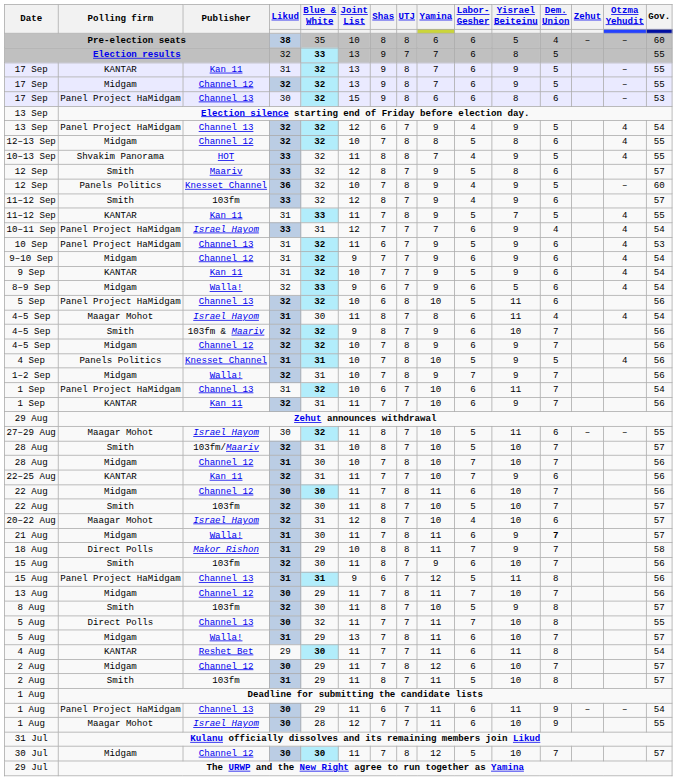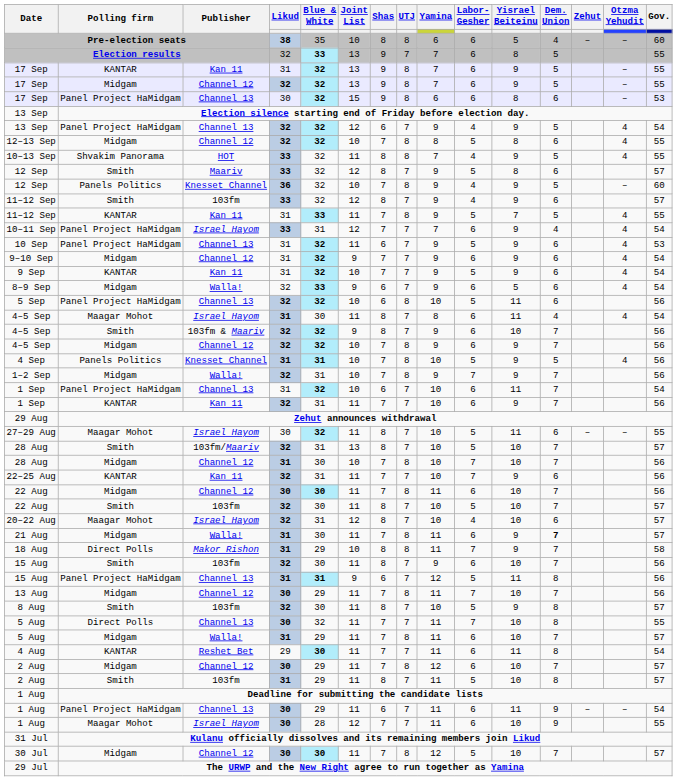 <table class="wikitable sortable" style="text-align:center;font-size:90%;line-height:13px">
 <tr>
 <th rowspan="2">Date</th>
 <th rowspan="2">Polling firm</th>
 <th rowspan="2">Publisher</th>
 <th><a href='#'>Likud</a></th>
 <th><a href='#'>Blue &<br>White</a></th>
 <th><a href='#'>Joint<br>List</a></th>
 <th><a href='#'>Shas</a></th>
 <th><a href='#'>UTJ</a></th>
 <th><a href='#'>Yamina</a></th>
 <th><a href='#'>Labor-<br>Gesher</a></th>
 <th><a href='#'>Yisrael<br>Beiteinu</a></th>
 <th><a href='#'>Dem.<br>Union</a></th>
 <th><a href='#'>Zehut</a></th>
 <th><a href='#'>Otzma<br>Yehudit</a></th>
 <th>Gov.</th>
 </tr>
 <tr>
 <th style="background:"></th>
 <th style="background:"></th>
 <th style="background:"></th>
 <th style="background:"></th>
 <th style="background:"></th>
 <th style="background:#CBD53A;"></th>
 <th style="background:"></th>
 <th style="background:"></th>
 <th style="background:"></th>
 <th style="background:"></th>
 <th style="background:#2441FF;"></th>
 <th style="background:#000EA3;"></th>
 </tr>
 <tr>
 <td style="background:silver" colspan=3><strong>Pre-election seats</strong></td>
 <td style="background:#BBCDE4"><strong>38</strong>	</td>
 <td style="background:silver">35		</td>
 <td style="background:silver">10		</td>
 <td style="background:silver">8		</td>
 <td style="background:silver">8		</td>
 <td style="background:silver">6		</td>
 <td style="background:silver">6		</td>
 <td style="background:silver">5		</td>
 <td style="background:silver">4		</td>
 <td style="background:silver">–		</td>
 <td style="background:silver">–		</td>
 <td style="background:silver">60		</td>
 </tr>
 <tr>
 <td style="background:silver" colspan=3><strong><a href='#'>Election results</a></strong></td>
 <td style="background:silver">32</td>
 <td style="background:#B2EDFB"><strong>33</strong></td>
 <td style="background:silver">13</td>
 <td style="background:silver">9</td>
 <td style="background:silver">7</td>
 <td style="background:silver">7</td>
 <td style="background:silver">6</td>
 <td style="background:silver">8</td>
 <td style="background:silver">5</td>
 <td style="background:silver"></td>
 <td style="background:silver"></td>
 <td style="background:silver">55</td>
 </tr>
 <tr style="background-color:#EAEAFF;">
 <td data-sort-value="2019-08-17">17 Sep</td>
 <td>KANTAR</td>
 <td><a href='#'>Kan 11</a></td>
 <td>31					</td>
 <td style="background:#B2EDFB"><strong>32</strong>	</td>
 <td>13					</td>
 <td>9					</td>
 <td>8					</td>
 <td>7					</td>
 <td>6					</td>
 <td>9					</td>
 <td>5					</td>
 <td>				</td>
 <td>–					</td>
 <td>55					</td>
 </tr>
 <tr style="background-color:#EAEAFF;">
 <td data-sort-value="2019-08-17">17 Sep</td>
 <td>Midgam</td>
 <td><a href='#'>Channel 12</a></td>
 <td style="background:#BBCDE4"><strong>32</strong>	</td>
 <td style="background:#B2EDFB"><strong>32</strong>	</td>
 <td>13					</td>
 <td>9					</td>
 <td>8					</td>
 <td>7					</td>
 <td>6					</td>
 <td>9					</td>
 <td>5					</td>
 <td>				</td>
 <td>–					</td>
 <td>55					</td>
 </tr>
 <tr style="background-color:#EAEAFF;">
 <td data-sort-value="2019-08-17">17 Sep</td>
 <td>Panel Project HaMidgam</td>
 <td><a href='#'>Channel 13</a></td>
 <td>30					</td>
 <td style="background:#B2EDFB"><strong>32</strong>	</td>
 <td>15					</td>
 <td>9					</td>
 <td>8					</td>
 <td>6					</td>
 <td>6					</td>
 <td>8					</td>
 <td>6					</td>
 <td>				</td>
 <td>–					</td>
 <td>53					</td>
 </tr>
 <tr>
 <td data-sort-value="2019-09-13">13 Sep</td>
 <td colspan="16"><strong><a href='#'>Election silence</a> starting end of Friday before election day.</strong></td>
 </tr>
 <tr>
 <td data-sort-value="2019-09-13">13 Sep</td>
 <td>Panel Project HaMidgam</td>
 <td><a href='#'>Channel 13</a></td>
 <td style="background:#BBCDE4"><strong>32</strong>	</td>
 <td style="background:#B2EDFB"><strong>32</strong>	</td>
 <td>12					</td>
 <td>6					</td>
 <td>7					</td>
 <td>9					</td>
 <td>4					</td>
 <td>9					</td>
 <td>5					</td>
 <td>				</td>
 <td>4					</td>
 <td>54					</td>
 </tr>
 <tr>
 <td data-sort-value="2019-09-13">12–13 Sep</td>
 <td>Midgam</td>
 <td><a href='#'>Channel 12</a></td>
 <td style="background:#BBCDE4"><strong>32</strong>	</td>
 <td style="background:#B2EDFB"><strong>32</strong>	</td>
 <td>10					</td>
 <td>7					</td>
 <td>8					</td>
 <td>8					</td>
 <td>5					</td>
 <td>8					</td>
 <td>6					</td>
 <td>				</td>
 <td>4					</td>
 <td>55					</td>
 </tr>
 <tr>
 <td data-sort-value="2019-09-13">10–13 Sep</td>
 <td>Shvakim Panorama</td>
 <td><a href='#'>HOT</a></td>
 <td style="background:#BBCDE4"><strong>33</strong>	</td>
 <td>32					</td>
 <td>11					</td>
 <td>8					</td>
 <td>8					</td>
 <td>7					</td>
 <td>4					</td>
 <td>9					</td>
 <td>5					</td>
 <td>				</td>
 <td>4					</td>
 <td>55					</td>
 </tr>
 <tr>
 <td data-sort-value="2019-09-12">12 Sep</td>
 <td>Smith</td>
 <td><a href='#'>Maariv</a></td>
 <td style="background:#BBCDE4"><strong>33</strong>	</td>
 <td>32                                 	</td>
 <td>12					</td>
 <td>8					</td>
 <td>7					</td>
 <td>9					</td>
 <td>5					</td>
 <td>8					</td>
 <td>6					</td>
 <td>				</td>
 <td>		        </td>
 <td>57					</td>
 </tr>
 <tr>
 <td data-sort-value="2019-09-12">12 Sep</td>
 <td>Panels Politics</td>
 <td><a href='#'>Knesset Channel</a></td>
 <td style="background:#BBCDE4"><strong>36</strong>	</td>
 <td>32					</td>
 <td>10					</td>
 <td>7					</td>
 <td>8					</td>
 <td>9					</td>
 <td>4					</td>
 <td>9					</td>
 <td>5					</td>
 <td>				</td>
 <td>–					</td>
 <td>60					</td>
 </tr>
 <tr>
 <td data-sort-value="2019-09-12">11–12 Sep</td>
 <td>Smith</td>
 <td>103fm</td>
 <td style="background:#BBCDE4"><strong>33</strong>	</td>
 <td>32					</td>
 <td>12					</td>
 <td>8					</td>
 <td>7					</td>
 <td>9					</td>
 <td>4					</td>
 <td>9					</td>
 <td>6					</td>
 <td>				</td>
 <td>			</td>
 <td>57					</td>
 </tr>
 <tr>
 <td data-sort-value="2019-09-12">11–12 Sep</td>
 <td>KANTAR</td>
 <td><a href='#'>Kan 11</a></td>
 <td>31					</td>
 <td style="background:#B2EDFB"><strong>33</strong>	</td>
 <td>11					</td>
 <td>7					</td>
 <td>8					</td>
 <td>9					</td>
 <td>5					</td>
 <td>7					</td>
 <td>5					</td>
 <td>				</td>
 <td>4					</td>
 <td>55					</td>
 </tr>
 <tr>
 <td data-sort-value="2019-09-11">10–11 Sep</td>
 <td>Panel Project HaMidgam</td>
 <td><em><a href='#'>Israel Hayom</a></em></td>
 <td style="background:#BBCDE4"><strong>33</strong>	</td>
 <td>31					</td>
 <td>12					</td>
 <td>7					</td>
 <td>7					</td>
 <td>7					</td>
 <td>6					</td>
 <td>9					</td>
 <td>4					</td>
 <td>				</td>
 <td>4					</td>
 <td>54					</td>
 </tr>
 <tr>
 <td data-sort-value="2019-09-10">10 Sep</td>
 <td>Panel Project HaMidgam</td>
 <td><a href='#'>Channel 13</a></td>
 <td>31					</td>
 <td style="background:#B2EDFB"><strong>32</strong>	</td>
 <td>11					</td>
 <td>6					</td>
 <td>7					</td>
 <td>9					</td>
 <td>5					</td>
 <td>9					</td>
 <td>6					</td>
 <td>				</td>
 <td>4					</td>
 <td>53					</td>
 </tr>
 <tr>
 <td data-sort-value="2019-09-10">9–10 Sep</td>
 <td>Midgam</td>
 <td><a href='#'>Channel 12</a></td>
 <td>31					</td>
 <td style="background:#B2EDFB"><strong>32</strong>	</td>
 <td>9					</td>
 <td>7					</td>
 <td>7					</td>
 <td>9					</td>
 <td>6					</td>
 <td>9					</td>
 <td>6					</td>
 <td>				</td>
 <td>4					</td>
 <td>54					</td>
 </tr>
 <tr>
 <td data-sort-value="2019-09-09">9 Sep</td>
 <td>KANTAR</td>
 <td><a href='#'>Kan 11</a></td>
 <td>31					</td>
 <td style="background:#B2EDFB"><strong>32</strong>	</td>
 <td>10					</td>
 <td>7					</td>
 <td>7					</td>
 <td>9					</td>
 <td>5					</td>
 <td>9					</td>
 <td>6					</td>
 <td>				</td>
 <td>4					</td>
 <td>54					</td>
 </tr>
 <tr>
 <td data-sort-value="2019-09-09">8–9 Sep</td>
 <td>Midgam</td>
 <td><a href='#'>Walla!</a></td>
 <td>32					</td>
 <td style="background:#B2EDFB"><strong>33</strong>	</td>
 <td>9					</td>
 <td>6					</td>
 <td>7					</td>
 <td>9					</td>
 <td>6					</td>
 <td>5					</td>
 <td>6					</td>
 <td>				</td>
 <td>4					</td>
 <td>54					</td>
 </tr>
 <tr>
 <td data-sort-value="2019-09-05">5 Sep</td>
 <td>Panel Project HaMidgam</td>
 <td><a href='#'>Channel 13</a></td>
 <td style="background:#BBCDE4"><strong>32</strong>	</td>
 <td style="background:#B2EDFB"><strong>32</strong>	</td>
 <td>10					</td>
 <td>6					</td>
 <td>8					</td>
 <td>10					</td>
 <td>5					</td>
 <td>11					</td>
 <td>6					</td>
 <td>				</td>
 <td>			</td>
 <td>56					</td>
 </tr>
 <tr>
 <td data-sort-value="2019-09-05">4–5 Sep</td>
 <td>Maagar Mohot</td>
 <td><em><a href='#'>Israel Hayom</a></em></td>
 <td style="background:#BBCDE4"><strong>31</strong>	</td>
 <td>30					</td>
 <td>11					</td>
 <td>8					</td>
 <td>7					</td>
 <td>8					</td>
 <td>6					</td>
 <td>11					</td>
 <td>4					</td>
 <td>				</td>
 <td>4					</td>
 <td>54					</td>
 </tr>
 <tr>
 <td data-sort-value="2019-09-05">4–5 Sep</td>
 <td>Smith</td>
 <td>103fm & <em><a href='#'>Maariv</a></em></td>
 <td style="background:#BBCDE4"><strong>32</strong>	</td>
 <td style="background:#B2EDFB"><strong>32</strong>	</td>
 <td>9					</td>
 <td>8					</td>
 <td>7					</td>
 <td>9					</td>
 <td>6					</td>
 <td>10					</td>
 <td>7					</td>
 <td>				</td>
 <td>			</td>
 <td>56					</td>
 </tr>
 <tr>
 <td data-sort-value="2019-09-05">4–5 Sep</td>
 <td>Midgam</td>
 <td><a href='#'>Channel 12</a></td>
 <td style="background:#BBCDE4"><strong>32</strong>	</td>
 <td style="background:#B2EDFB"><strong>32</strong>	</td>
 <td>10					</td>
 <td>7					</td>
 <td>8					</td>
 <td>9					</td>
 <td>6					</td>
 <td>9					</td>
 <td>7					</td>
 <td>				</td>
 <td>			</td>
 <td>56					</td>
 </tr>
 <tr>
 <td data-sort-value="2019-09-04">4 Sep</td>
 <td>Panels Politics</td>
 <td><a href='#'>Knesset Channel</a></td>
 <td style="background:#BBCDE4"><strong>31</strong>	</td>
 <td style="background:#B2EDFB"><strong>31</strong>	</td>
 <td>10					</td>
 <td>7					</td>
 <td>8					</td>
 <td>10					</td>
 <td>5					</td>
 <td>9					</td>
 <td>5					</td>
 <td>				</td>
 <td>4					</td>
 <td>56					</td>
 </tr>
 <tr>
 <td data-sort-value="2019-09-02">1–2 Sep</td>
 <td>Midgam</td>
 <td><a href='#'>Walla!</a></td>
 <td style="background:#BBCDE4"><strong>32</strong>	</td>
 <td>31					</td>
 <td>10					</td>
 <td>7					</td>
 <td>8					</td>
 <td>9					</td>
 <td>7					</td>
 <td>9					</td>
 <td>7					</td>
 <td>				</td>
 <td>			</td>
 <td>56					</td>
 </tr>
 <tr>
 <td data-sort-value="2019-09-01">1 Sep</td>
 <td>Panel Project HaMidgam</td>
 <td><a href='#'>Channel 13</a></td>
 <td>31					</td>
 <td style="background:#B2EDFB"><strong>32</strong>	</td>
 <td>10					</td>
 <td>6					</td>
 <td>7					</td>
 <td>10					</td>
 <td>6					</td>
 <td>11					</td>
 <td>7					</td>
 <td>				</td>
 <td>			</td>
 <td>54					</td>
 </tr>
 <tr>
 <td data-sort-value="2019-09-01">1 Sep</td>
 <td>KANTAR</td>
 <td><a href='#'>Kan 11</a></td>
 <td style="background:#BBCDE4"><strong>32</strong>	</td>
 <td>31					</td>
 <td>11					</td>
 <td>7					</td>
 <td>7					</td>
 <td>10					</td>
 <td>6					</td>
 <td>9					</td>
 <td>7					</td>
 <td>				</td>
 <td>			</td>
 <td>56					</td>
 </tr>
 <tr>
 <td data-sort-value="2019-08-29">29 Aug</td>
 <td colspan="16"><strong><a href='#'>Zehut</a> announces withdrawal</strong></td>
 </tr>
 <tr>
 <td data-sort-value="2019-08-29">27–29 Aug</td>
 <td>Maagar Mohot</td>
 <td><em><a href='#'>Israel Hayom</a></em></td>
 <td>30					</td>
 <td style="background:#B2EDFB"><strong>32</strong>	</td>
 <td>11					</td>
 <td>8					</td>
 <td>7					</td>
 <td>10					</td>
 <td>5					</td>
 <td>11					</td>
 <td>6					</td>
 <td>–					</td>
 <td>–					</td>
 <td>55					</td>
 </tr>
 <tr>
 <td data-sort-value="2019-08-28">28 Aug</td>
 <td>Smith</td>
 <td>103fm/<em><a href='#'>Maariv</a></em></td>
 <td style="background:#BBCDE4"><strong>32</strong>	</td>
 <td>31					</td>
-<td>10					</td>
+<td>13					</td>
 <td>8					</td>
 <td>7					</td>
 <td>10					</td>
 <td>5					</td>
 <td>10					</td>
 <td>7					</td>
 <td>			</td>
 <td>			</td>
 <td>57					</td>
 </tr>
 <tr>
 <td data-sort-value="2019-08-28">28 Aug</td>
 <td>Midgam</td>
 <td><a href='#'>Channel 12</a></td>
 <td style="background:#BBCDE4"><strong>31</strong>	</td>
 <td>30					</td>
 <td>10					</td>
 <td>7					</td>
 <td>8					</td>
 <td>10					</td>
 <td>7					</td>
 <td>10					</td>
 <td>7					</td>
 <td>			</td>
 <td>			</td>
 <td>56					</td>
 </tr>
 <tr>
 <td data-sort-value="2019-08-25">22–25 Aug</td>
 <td>KANTAR</td>
 <td><a href='#'>Kan 11</a></td>
 <td style="background:#BBCDE4"><strong>32</strong>	</td>
 <td>31					</td>
 <td>11					</td>
 <td>7					</td>
 <td>7					</td>
 <td>10					</td>
 <td>7					</td>
 <td>9					</td>
 <td>6					</td>
 <td>			</td>
 <td>			</td>
 <td>56					</td>
 </tr>
 <tr>
 <td data-sort-value="2019-08-22">22 Aug</td>
 <td>Midgam</td>
 <td><a href='#'>Channel 12</a></td>
 <td style="background:#BBCDE4"><strong>30</strong>	</td>
 <td style="background:#B2EDFB"><strong>30</strong>	</td>
 <td>11					</td>
 <td>7					</td>
 <td>8					</td>
 <td>11					</td>
 <td>6					</td>
 <td>10					</td>
 <td>7					</td>
 <td>			</td>
 <td>			</td>
 <td>56					</td>
 </tr>
 <tr>
 <td data-sort-value="2019-08-22">22 Aug</td>
 <td>Smith</td>
 <td>103fm</td>
 <td style="background:#BBCDE4"><strong>32</strong>	</td>
 <td>30					</td>
 <td>11					</td>
 <td>8					</td>
 <td>7					</td>
 <td>10					</td>
 <td>5					</td>
 <td>10					</td>
 <td>7					</td>
 <td>			</td>
 <td>			</td>
 <td>57					</td>
 </tr>
 <tr>
 <td data-sort-value="2019-08-22">20–22 Aug</td>
 <td>Maagar Mohot</td>
 <td><em><a href='#'>Israel Hayom</a></em></td>
 <td style="background:#BBCDE4"><strong>32</strong>	</td>
 <td>31					</td>
 <td>12					</td>
 <td>8					</td>
 <td>7					</td>
 <td>10					</td>
 <td>4					</td>
 <td>10					</td>
 <td>6					</td>
 <td>				</td>
 <td>				</td>
 <td>57					</td>
 </tr>
 <tr>
 <td data-sort-value="2019-08-21">21 Aug</td>
 <td>Midgam</td>
 <td><a href='#'>Walla!</a></td>
 <td style="background:#BBCDE4"><strong>31</strong>	</td>
 <td>30					</td>
 <td>11					</td>
 <td>7					</td>
 <td>8					</td>
 <td>11					</td>
 <td>6					</td>
 <td>9					</td>
 <td><strong>7					</strong></td>
 <td>			</td>
 <td>			</td>
 <td>57					</td>
 </tr>
 <tr>
 <td data-sort-value="2019-08-18">18 Aug</td>
 <td>Direct Polls</td>
 <td><em><a href='#'>Makor Rishon</a></em></td>
 <td style="background:#BBCDE4"><strong>31</strong>	</td>
 <td>29					</td>
 <td>10					</td>
 <td>8					</td>
 <td>8					</td>
 <td>11					</td>
 <td>7					</td>
 <td>9					</td>
 <td>7					</td>
 <td>			</td>
 <td>			</td>
 <td>58					</td>
 </tr>
 <tr>
 <td data-sort-value="2019-08-15">15 Aug</td>
 <td>Smith</td>
 <td>103fm</td>
 <td style="background:#BBCDE4"><strong>32</strong>	</td>
 <td>30					</td>
 <td>11					</td>
 <td>8					</td>
 <td>7					</td>
 <td>9					</td>
 <td>6					</td>
 <td>10					</td>
 <td>7					</td>
 <td>			</td>
 <td>			</td>
 <td>56					</td>
 </tr>
 <tr>
 <td data-sort-value="2019-08-15">15 Aug</td>
 <td>Panel Project HaMidgam</td>
 <td><a href='#'>Channel 13</a></td>
 <td style="background:#BBCDE4"><strong>31</strong>	</td>
 <td style="background:#B2EDFB"><strong>31</strong>	</td>
 <td>9					</td>
 <td>6					</td>
 <td>7					</td>
 <td>12					</td>
 <td>5					</td>
 <td>11					</td>
 <td>8					</td>
 <td>			</td>
 <td>			</td>
 <td>56					</td>
 </tr>
 <tr>
 <td data-sort-value="2019-08-13">13 Aug</td>
 <td>Midgam</td>
 <td><a href='#'>Channel 12</a></td>
 <td style="background:#BBCDE4"><strong>30</strong>	</td>
 <td>29					</td>
 <td>11					</td>
 <td>7					</td>
 <td>8					</td>
 <td>11					</td>
 <td>7					</td>
 <td>10					</td>
 <td>7					</td>
 <td>			</td>
 <td>			</td>
 <td>56					</td>
 </tr>
 <tr>
 <td data-sort-value="2019-08-08">8 Aug</td>
 <td>Smith</td>
 <td>103fm</td>
 <td style="background:#BBCDE4"><strong>32</strong>	</td>
 <td>30					</td>
 <td>11					</td>
 <td>8					</td>
 <td>7					</td>
 <td>10					</td>
 <td>5					</td>
 <td>9					</td>
 <td>8					</td>
 <td>			</td>
 <td>			</td>
 <td>57					</td>
 </tr>
 <tr>
 <td data-sort-value="2019-08-05">5 Aug</td>
 <td>Direct Polls</td>
 <td><a href='#'>Channel 13</a></td>
 <td style="background:#BBCDE4"><strong>30</strong>	</td>
 <td>32					</td>
 <td>11					</td>
 <td>7					</td>
 <td>7					</td>
 <td>11					</td>
 <td>7					</td>
 <td>10					</td>
 <td>8					</td>
 <td>			</td>
 <td>			</td>
 <td>55					</td>
 </tr>
 <tr>
 <td data-sort-value="2019-08-05">5 Aug</td>
 <td>Midgam</td>
 <td><a href='#'>Walla!</a></td>
 <td style="background:#BBCDE4"><strong>31</strong>	</td>
 <td>29					</td>
-<td>13					</td>
+<td>11					</td>
 <td>7					</td>
 <td>8					</td>
 <td>11					</td>
 <td>6					</td>
 <td>10					</td>
 <td>7					</td>
 <td>			</td>
 <td>			</td>
 <td>57					</td>
 </tr>
 <tr>
 <td data-sort-value="2019-08-04">4 Aug</td>
 <td>KANTAR</td>
 <td><a href='#'>Reshet Bet</a></td>
 <td>29					</td>
 <td style="background:#B2EDFB"><strong>30</strong>	</td>
 <td>11					</td>
 <td>7					</td>
 <td>7					</td>
 <td>11					</td>
 <td>6					</td>
 <td>11					</td>
 <td>8					</td>
 <td>			</td>
 <td>			</td>
 <td>54					</td>
 </tr>
 <tr>
 <td data-sort-value="2019-08-02">2 Aug</td>
 <td>Midgam</td>
 <td><a href='#'>Channel 12</a></td>
 <td style="background:#BBCDE4"><strong>30</strong>	</td>
 <td>29					</td>
 <td>11					</td>
 <td>7					</td>
 <td>8					</td>
 <td>12					</td>
 <td>6					</td>
 <td>10					</td>
 <td>7					</td>
 <td>			</td>
 <td>			</td>
 <td>57					</td>
 </tr>
 <tr>
 <td data-sort-value="2019-08-02">2 Aug</td>
 <td>Smith</td>
 <td>103fm</td>
 <td style="background:#BBCDE4"><strong>31</strong>	</td>
 <td>29					</td>
 <td>11					</td>
 <td>8					</td>
 <td>7					</td>
 <td>11					</td>
 <td>5					</td>
 <td>10					</td>
 <td>8					</td>
 <td>			</td>
 <td>			</td>
 <td>57					</td>
 </tr>
 <tr>
 <td data-sort-value="2019-08-01">1 Aug</td>
 <td colspan="16"><strong>Deadline for submitting the candidate lists</strong></td>
 </tr>
 <tr>
 <td data-sort-value="2019-08-01">1 Aug</td>
 <td>Panel Project HaMidgam</td>
 <td><a href='#'>Channel 13</a></td>
 <td style="background:#BBCDE4"><strong>30</strong>	</td>
 <td>29					</td>
 <td>11					</td>
 <td>6					</td>
 <td>7					</td>
 <td>11					</td>
 <td>6					</td>
 <td>11					</td>
 <td>9					</td>
 <td>–					</td>
 <td>–					</td>
 <td>54					</td>
 </tr>
 <tr>
 <td data-sort-value="2019-08-01">1 Aug</td>
 <td>Maagar Mohot</td>
 <td><em><a href='#'>Israel Hayom</a></em></td>
 <td style="background:#BBCDE4"><strong>30</strong>	</td>
 <td>28					</td>
 <td>12					</td>
 <td>7					</td>
 <td>7					</td>
 <td>11					</td>
 <td>6					</td>
 <td>10					</td>
 <td>9					</td>
 <td>				</td>
 <td>				</td>
 <td>55					</td>
 </tr>
 <tr>
 <td data-sort-value="2019-07-31">31 Jul</td>
 <td colspan="16"><strong><a href='#'>Kulanu</a> officially dissolves and its remaining members join <a href='#'>Likud</a></strong></td>
 </tr>
 <tr>
 <td data-sort-value="2019-07-30">30 Jul</td>
 <td>Midgam</td>
 <td><a href='#'>Channel 12</a></td>
 <td style="background:#BBCDE4"><strong>30</strong>	</td>
 <td style="background:#B2EDFB"><strong>30</strong>	</td>
 <td>11					</td>
 <td>7					</td>
 <td>8					</td>
 <td>12					</td>
 <td>5					</td>
 <td>10					</td>
 <td>7					</td>
 <td>			</td>
 <td>			</td>
 <td>57					</td>
 </tr>
 <tr>
 <td data-sort-value="2019-07-29">29 Jul</td>
 <td colspan="16"><strong>The <a href='#'>URWP</a> and the <a href='#'>New Right</a> agree to run together as <a href='#'>Yamina</a></strong></td>
 </tr>
 </table>
